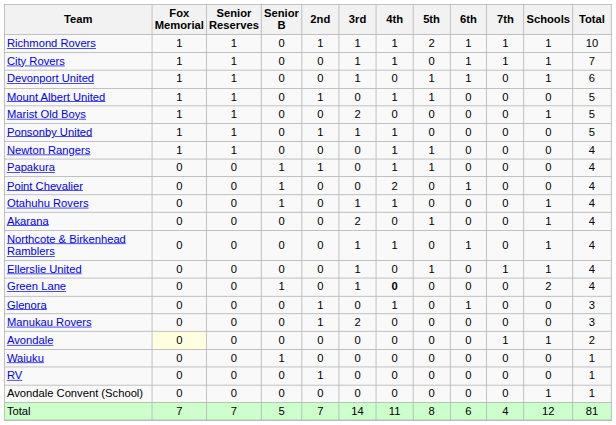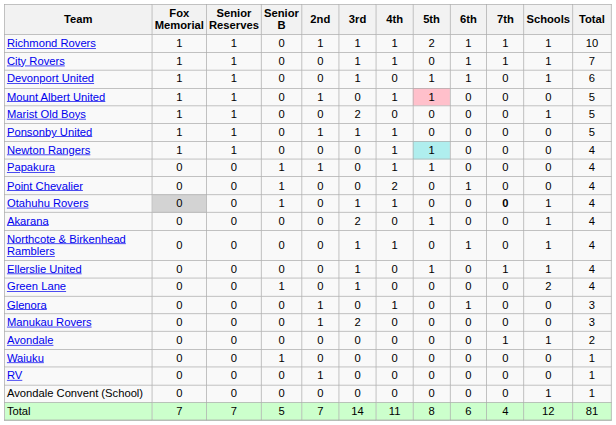 <table class="wikitable" style="text-align:center;">
 <tr>
 <th width=230>Team</th>
 <th width=50 abbr="1st Grade">Fox Memorial</th>
 <th width=50 abbr="Reserves">Senior Reserves</th>
 <th width=50 abbr="Reserves">Senior B</th>
 <th width=50 abbr="2nd Grade">2nd</th>
 <th width=50 abbr="3rd Grade">3rd</th>
 <th width=50 abbr="4th Grade">4th</th>
 <th width=50 abbr="5th Grade">5th</th>
 <th width=50 abbr="6th Grade">6th</th>
 <th width=50 abbr="7th Grade">7th</th>
 <th width=50 abbr="Schoolboys">Schools</th>
 <th width=50 abbr="Total">Total</th>
 </tr>
 <tr>
 <td style="text-align:left;"><a href='#'>Richmond Rovers</a></td>
 <td>1</td>
 <td>1</td>
 <td>0</td>
 <td>1</td>
 <td>1</td>
 <td>1</td>
 <td>2</td>
 <td>1</td>
 <td>1</td>
 <td>1</td>
 <td>10</td>
 </tr>
 <tr>
 <td style="text-align:left;"><a href='#'>City Rovers</a></td>
 <td>1</td>
 <td>1</td>
 <td>0</td>
 <td>0</td>
 <td>1</td>
 <td>1</td>
 <td>0</td>
 <td>1</td>
 <td>1</td>
 <td>1</td>
 <td>7</td>
 </tr>
 <tr>
 <td style="text-align:left;"><a href='#'>Devonport United</a></td>
 <td>1</td>
 <td>1</td>
 <td>0</td>
 <td>0</td>
 <td>1</td>
 <td>0</td>
 <td>1</td>
 <td>1</td>
 <td>0</td>
 <td>1</td>
 <td>6</td>
 </tr>
 <tr>
 <td style="text-align:left;"><a href='#'>Mount Albert United</a></td>
 <td>1</td>
 <td>1</td>
 <td>0</td>
 <td>1</td>
 <td>0</td>
 <td>1</td>
-<td>1</td>
+<td style="background: pink;">1</td>
 <td>0</td>
 <td>0</td>
 <td>0</td>
 <td>5</td>
 </tr>
 <tr>
 <td style="text-align:left;"><a href='#'>Marist Old Boys</a></td>
 <td>1</td>
 <td>1</td>
 <td>0</td>
 <td>0</td>
 <td>2</td>
 <td>0</td>
 <td>0</td>
 <td>0</td>
 <td>0</td>
 <td>1</td>
 <td>5</td>
 </tr>
 <tr>
 <td style="text-align:left;"><a href='#'>Ponsonby United</a></td>
 <td>1</td>
 <td>1</td>
 <td>0</td>
 <td>1</td>
 <td>1</td>
 <td>1</td>
 <td>0</td>
 <td>0</td>
 <td>0</td>
 <td>0</td>
 <td>5</td>
 </tr>
 <tr>
 <td style="text-align:left;"><a href='#'>Newton Rangers</a></td>
 <td>1</td>
 <td>1</td>
 <td>0</td>
 <td>0</td>
 <td>0</td>
 <td>1</td>
-<td>1</td>
+<td style="background: paleturquoise;">1</td>
 <td>0</td>
 <td>0</td>
 <td>0</td>
 <td>4</td>
 </tr>
 <tr>
 <td style="text-align:left;"><a href='#'>Papakura</a></td>
 <td>0</td>
 <td>0</td>
 <td>1</td>
 <td>1</td>
 <td>0</td>
 <td>1</td>
 <td>1</td>
 <td>0</td>
 <td>0</td>
 <td>0</td>
 <td>4</td>
 </tr>
 <tr>
 <td style="text-align:left;"><a href='#'>Point Chevalier</a></td>
 <td>0</td>
 <td>0</td>
 <td>1</td>
 <td>0</td>
 <td>0</td>
 <td>2</td>
 <td>0</td>
 <td>1</td>
 <td>0</td>
 <td>0</td>
 <td>4</td>
 </tr>
 <tr>
 <td style="text-align:left;"><a href='#'>Otahuhu Rovers</a></td>
-<td>0</td>
+<td style="background: lightgrey;">0</td>
 <td>0</td>
 <td>1</td>
 <td>0</td>
 <td>1</td>
 <td>1</td>
 <td>0</td>
 <td>0</td>
-<td>0</td>
+<td><strong>0</strong></td>
 <td>1</td>
 <td>4</td>
 </tr>
 <tr>
 <td style="text-align:left;"><a href='#'>Akarana</a></td>
 <td>0</td>
 <td>0</td>
 <td>0</td>
 <td>0</td>
 <td>2</td>
 <td>0</td>
 <td>1</td>
 <td>0</td>
 <td>0</td>
 <td>1</td>
 <td>4</td>
 </tr>
 <tr>
 <td style="text-align:left;"><a href='#'>Northcote & Birkenhead Ramblers</a></td>
 <td>0</td>
 <td>0</td>
 <td>0</td>
 <td>0</td>
 <td>1</td>
 <td>1</td>
 <td>0</td>
 <td>1</td>
 <td>0</td>
 <td>1</td>
 <td>4</td>
 </tr>
 <tr>
 <td style="text-align:left;"><a href='#'>Ellerslie United</a></td>
 <td>0</td>
 <td>0</td>
 <td>0</td>
 <td>0</td>
 <td>1</td>
 <td>0</td>
 <td>1</td>
 <td>0</td>
 <td>1</td>
 <td>1</td>
 <td>4</td>
 </tr>
 <tr>
 <td style="text-align:left;"><a href='#'>Green Lane</a></td>
 <td>0</td>
 <td>0</td>
 <td>1</td>
 <td>0</td>
 <td>1</td>
-<td><strong>0</strong></td>
+<td>0</td>
 <td>0</td>
 <td>0</td>
 <td>0</td>
 <td>2</td>
 <td>4</td>
 </tr>
 <tr>
 <td style="text-align:left;"><a href='#'>Glenora</a></td>
 <td>0</td>
 <td>0</td>
 <td>0</td>
 <td>1</td>
 <td>0</td>
 <td>1</td>
 <td>0</td>
 <td>1</td>
 <td>0</td>
 <td>0</td>
 <td>3</td>
 </tr>
 <tr>
 <td style="text-align:left;"><a href='#'>Manukau Rovers</a></td>
 <td>0</td>
 <td>0</td>
 <td>0</td>
 <td>1</td>
 <td>2</td>
 <td>0</td>
 <td>0</td>
 <td>0</td>
 <td>0</td>
 <td>0</td>
 <td>3</td>
 </tr>
 <tr>
 <td style="text-align:left;"><a href='#'>Avondale</a></td>
-<td style="background: lightyellow;">0</td>
+<td>0</td>
 <td>0</td>
 <td>0</td>
 <td>0</td>
 <td>0</td>
 <td>0</td>
 <td>0</td>
 <td>0</td>
 <td>1</td>
 <td>1</td>
 <td>2</td>
 </tr>
 <tr>
 <td style="text-align:left;"><a href='#'>Waiuku</a></td>
 <td>0</td>
 <td>0</td>
 <td>1</td>
 <td>0</td>
 <td>0</td>
 <td>0</td>
 <td>0</td>
 <td>0</td>
 <td>0</td>
 <td>0</td>
 <td>1</td>
 </tr>
 <tr>
 <td style="text-align:left;"><a href='#'>RV</a></td>
 <td>0</td>
 <td>0</td>
 <td>0</td>
 <td>1</td>
 <td>0</td>
 <td>0</td>
 <td>0</td>
 <td>0</td>
 <td>0</td>
 <td>0</td>
 <td>1</td>
 </tr>
 <tr>
 <td style="text-align:left;">Avondale Convent (School)</td>
 <td>0</td>
 <td>0</td>
 <td>0</td>
 <td>0</td>
 <td>0</td>
 <td>0</td>
 <td>0</td>
 <td>0</td>
 <td>0</td>
 <td>1</td>
 <td>1</td>
 </tr>
 <tr style="background: #ccffcc;">
 <td style="text-align:left;">Total</td>
 <td>7</td>
 <td>7</td>
 <td>5</td>
 <td>7</td>
 <td>14</td>
 <td>11</td>
 <td>8</td>
 <td>6</td>
 <td>4</td>
 <td>12</td>
 <td>81</td>
 </tr>
 <tr>
 </tr>
 </table>
